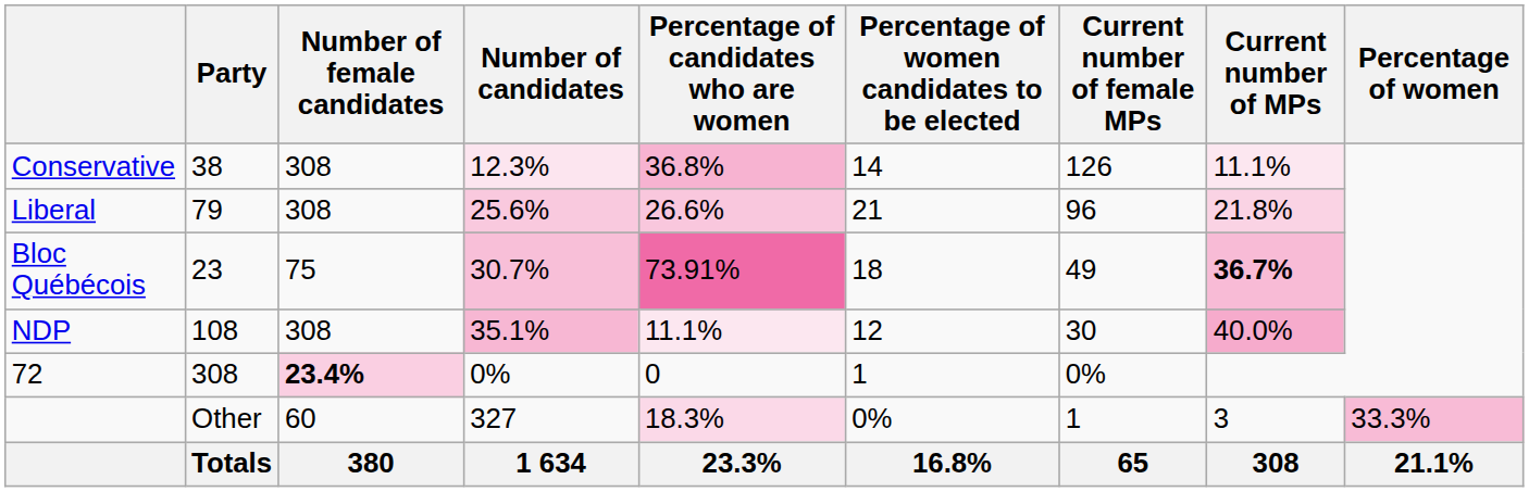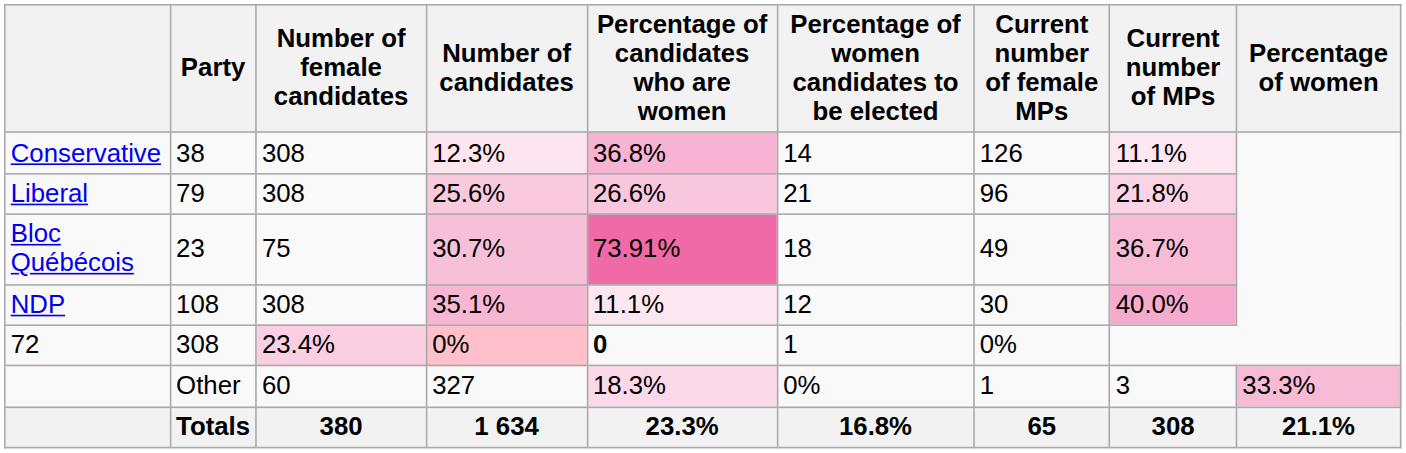 <table class="wikitable">
 <tr>
 <th></th>
 <th>Party</th>
 <th>Number of female candidates</th>
 <th>Number of candidates</th>
 <th>Percentage of candidates who are women</th>
 <th>Percentage of women candidates to be elected</th>
 <th>Current number of female MPs</th>
 <th>Current number of MPs</th>
 <th>Percentage of women</th>
 </tr>
 <tr>
 <td><a href='#'>Conservative</a></td>
 <td>38</td>
 <td>308</td>
 <td bgcolor="#FCE5EF">12.3%</td>
 <td bgcolor="#F7B3D1">36.8%</td>
 <td>14</td>
 <td>126</td>
 <td bgcolor="#FCE7F0">11.1%</td>
 </tr>
 <tr>
 <td><a href='#'>Liberal</a></td>
 <td>79</td>
 <td>308</td>
 <td bgcolor="#F9C9DE">25.6%</td>
 <td bgcolor="#F9C7DD">26.6%</td>
 <td>21</td>
 <td>96</td>
 <td bgcolor="#FAD3E4">21.8%</td>
 </tr>
 <tr>
 <td><a href='#'>Bloc Québécois</a></td>
 <td>23</td>
 <td>75</td>
 <td bgcolor="#F8BFD8">30.7%</td>
 <td bgcolor="#F06AA7">73.91%</td>
 <td>18</td>
 <td>49</td>
-<td bgcolor="#F8BBD6"><strong>36.7%</strong></td>
+<td bgcolor="#F8BBD6">36.7%</td>
 </tr>
 <tr>
 <td><a href='#'>NDP</a></td>
 <td>108</td>
 <td>308</td>
 <td bgcolor="#F7B7D3">35.1%</td>
 <td bgcolor="#FCE7F0">11.1%</td>
 <td>12</td>
 <td>30</td>
 <td bgcolor="#F6ABCC">40.0%</td>
 </tr>
 <tr>
 <td>72</td>
 <td>308</td>
-<td bgcolor="#FACFE2"><strong>23.4%</strong></td>
-<td>0%</td>
-<td>0</td>
+<td bgcolor="#FACFE2">23.4%</td>
+<td style="background: pink;">0%</td>
+<td><strong>0</strong></td>
 <td>1</td>
 <td>0%</td>
 </tr>
 <tr>
 <td></td>
 <td>Other</td>
 <td>60</td>
 <td>327</td>
 <td bgcolor="#FBD9E8">18.3%</td>
 <td>0%</td>
 <td>1</td>
 <td>3</td>
 <td bgcolor="#F8BBD6">33.3%</td>
 </tr>
 <tr>
 <th></th>
 <th>Totals</th>
 <th>380</th>
 <th>1 634</th>
 <th bgcolor="#FACFE2">23.3%</th>
 <th bgcolor="#FBDBE9">16.8%</th>
 <th>65</th>
 <th>308</th>
 <th bgcolor="#FAD3E4">21.1%</th>
 </tr>
 </table>
